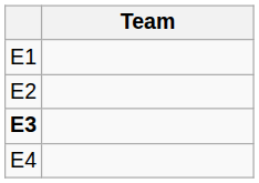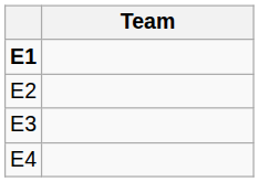 <table class="wikitable" style="display:inline-table;">
 <tr>
 <th></th>
 <th width=150>Team</th>
 </tr>
 <tr>
-<td align=center>E1</td>
+<td align=center><strong>E1</strong></td>
 <td></td>
 </tr>
 <tr>
 <td align=center>E2</td>
 <td></td>
 </tr>
 <tr>
-<td align=center><strong>E3</strong></td>
+<td align=center>E3</td>
 <td></td>
 </tr>
 <tr>
 <td align=center>E4</td>
 <td></td>
 </tr>
 </table>
